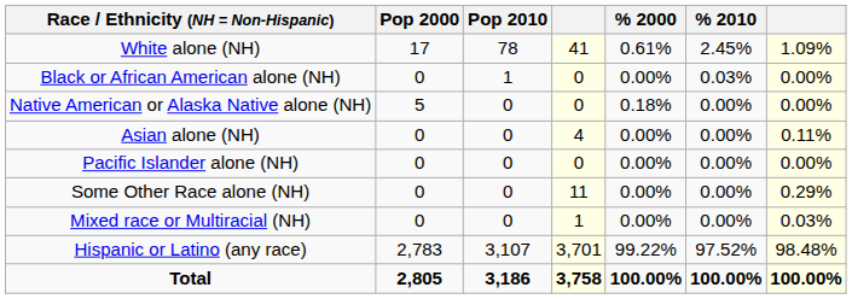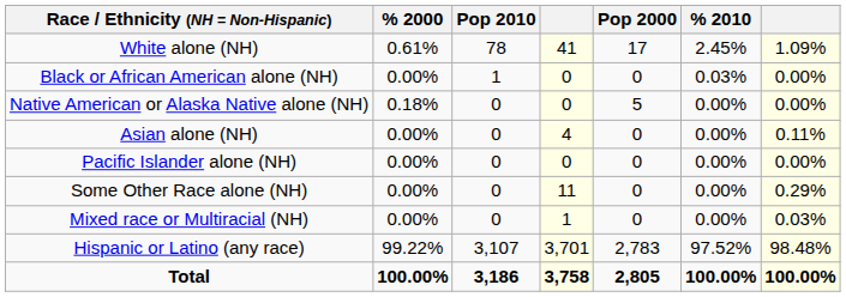 <table class="wikitable" style="text-align:center;">
 <tr>
 <th>Race / Ethnicity <small>(<em>NH = Non-Hispanic</em>)</small></th>
-<th>Pop 2000</th>
+<th>% 2000</th>
 <th>Pop 2010</th>
 <th></th>
-<th>% 2000</th>
+<th>Pop 2000</th>
 <th>% 2010</th>
 <th></th>
 </tr>
 <tr>
 <td><a href='#'>White</a> alone (NH)</td>
-<td>17</td>
+<td>0.61%</td>
 <td>78</td>
 <td style='background: #ffffe6;'>41</td>
-<td>0.61%</td>
+<td>17</td>
 <td>2.45%</td>
 <td style='background: #ffffe6;'>1.09%</td>
 </tr>
 <tr>
 <td><a href='#'>Black or African American</a> alone (NH)</td>
-<td>0</td>
+<td>0.00%</td>
 <td>1</td>
 <td style='background: #ffffe6;'>0</td>
-<td>0.00%</td>
+<td>0</td>
 <td>0.03%</td>
 <td style='background: #ffffe6;'>0.00%</td>
 </tr>
 <tr>
 <td><a href='#'>Native American</a> or <a href='#'>Alaska Native</a> alone (NH)</td>
-<td>5</td>
+<td>0.18%</td>
 <td>0</td>
 <td style='background: #ffffe6;'>0</td>
-<td>0.18%</td>
+<td>5</td>
 <td>0.00%</td>
 <td style='background: #ffffe6;'>0.00%</td>
 </tr>
 <tr>
 <td><a href='#'>Asian</a> alone (NH)</td>
-<td>0</td>
+<td>0.00%</td>
 <td>0</td>
 <td style='background: #ffffe6;'>4</td>
-<td>0.00%</td>
+<td>0</td>
 <td>0.00%</td>
 <td style='background: #ffffe6;'>0.11%</td>
 </tr>
 <tr>
 <td><a href='#'>Pacific Islander</a> alone (NH)</td>
-<td>0</td>
+<td>0.00%</td>
 <td>0</td>
 <td style='background: #ffffe6;'>0</td>
-<td>0.00%</td>
+<td>0</td>
 <td>0.00%</td>
 <td style='background: #ffffe6;'>0.00%</td>
 </tr>
 <tr>
 <td>Some Other Race alone (NH)</td>
-<td>0</td>
+<td>0.00%</td>
 <td>0</td>
 <td style='background: #ffffe6;'>11</td>
-<td>0.00%</td>
+<td>0</td>
 <td>0.00%</td>
 <td style='background: #ffffe6;'>0.29%</td>
 </tr>
 <tr>
 <td><a href='#'>Mixed race or Multiracial</a> (NH)</td>
-<td>0</td>
+<td>0.00%</td>
 <td>0</td>
 <td style='background: #ffffe6;'>1</td>
-<td>0.00%</td>
+<td>0</td>
 <td>0.00%</td>
 <td style='background: #ffffe6;'>0.03%</td>
 </tr>
 <tr>
 <td><a href='#'>Hispanic or Latino</a> (any race)</td>
-<td>2,783</td>
+<td>99.22%</td>
 <td>3,107</td>
 <td style='background: #ffffe6;'>3,701</td>
-<td>99.22%</td>
+<td>2,783</td>
 <td>97.52%</td>
 <td style='background: #ffffe6;'>98.48%</td>
 </tr>
 <tr>
 <td><strong>Total</strong></td>
-<td><strong>2,805</strong></td>
+<td><strong>100.00%</strong></td>
 <td><strong>3,186</strong></td>
 <td style='background: #ffffe6;'><strong>3,758</strong></td>
-<td><strong>100.00%</strong></td>
+<td><strong>2,805</strong></td>
 <td><strong>100.00%</strong></td>
 <td style='background: #ffffe6;'><strong>100.00%</strong></td>
 </tr>
 </table>
